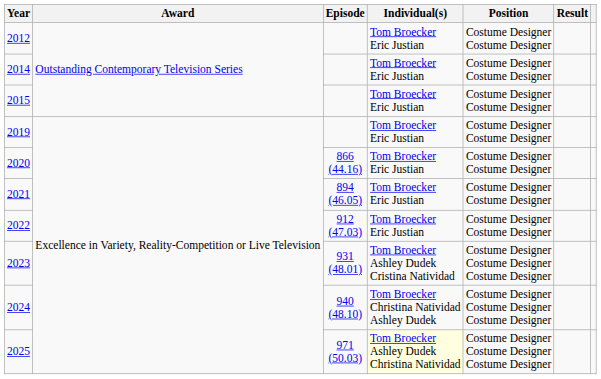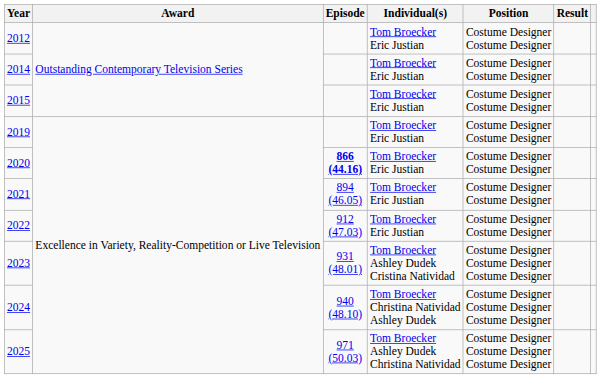 <table class="wikitable">
 <tr>
 <th>Year</th>
 <th>Award</th>
 <th>Episode</th>
 <th>Individual(s)</th>
 <th>Position</th>
 <th>Result</th>
 <th></th>
 </tr>
 <tr>
 <td><a href='#'>2012</a></td>
 <td rowspan="3"><a href='#'>Outstanding Contemporary Television Series</a></td>
 <td></td>
 <td><a href='#'>Tom Broecker</a> <br> Eric Justian</td>
 <td>Costume Designer <br> Costume Designer</td>
 <td></td>
 <td align="center"></td>
 </tr>
 <tr>
 <td><a href='#'>2014</a></td>
 <td></td>
 <td><a href='#'>Tom Broecker</a> <br> Eric Justian</td>
 <td>Costume Designer <br> Costume Designer</td>
 <td></td>
 <td align="center"></td>
 </tr>
 <tr>
 <td><a href='#'>2015</a></td>
 <td></td>
 <td><a href='#'>Tom Broecker</a> <br> Eric Justian</td>
 <td>Costume Designer <br> Costume Designer</td>
 <td></td>
 <td align="center"></td>
 </tr>
 <tr>
 <td><a href='#'>2019</a></td>
 <td rowspan="7">Excellence in Variety, Reality-Competition or Live Television</td>
 <td></td>
 <td><a href='#'>Tom Broecker</a> <br> Eric Justian</td>
 <td>Costume Designer <br> Costume Designer</td>
 <td></td>
 <td align="center"></td>
 </tr>
 <tr>
 <td><a href='#'>2020</a></td>
-<td align="center"><a href='#'>866 <br> (44.16)</a></td>
+<td align="center"><strong><a href='#'>866 <br> (44.16)</a></strong></td>
 <td><a href='#'>Tom Broecker</a> <br> Eric Justian</td>
 <td>Costume Designer <br> Costume Designer</td>
 <td></td>
 <td align="center"></td>
 </tr>
 <tr>
 <td><a href='#'>2021</a></td>
 <td align="center"><a href='#'>894 <br> (46.05)</a></td>
 <td><a href='#'>Tom Broecker</a> <br> Eric Justian</td>
 <td>Costume Designer <br> Costume Designer</td>
 <td></td>
 <td align="center"></td>
 </tr>
 <tr>
 <td><a href='#'>2022</a></td>
 <td align="center"><a href='#'>912 <br> (47.03)</a></td>
 <td><a href='#'>Tom Broecker</a> <br> Eric Justian</td>
 <td>Costume Designer <br> Costume Designer</td>
 <td></td>
 <td align="center"></td>
 </tr>
 <tr>
 <td><a href='#'>2023</a></td>
 <td align="center"><a href='#'>931 <br> (48.01)</a></td>
 <td><a href='#'>Tom Broecker</a> <br> Ashley Dudek <br> Cristina Natividad</td>
 <td>Costume Designer <br> Costume Designer <br> Costume Designer</td>
 <td></td>
 <td align="center"></td>
 </tr>
 <tr>
 <td><a href='#'>2024</a></td>
 <td align="center"><a href='#'>940 <br> (48.10)</a></td>
 <td><a href='#'>Tom Broecker</a> <br> Christina Natividad <br> Ashley Dudek</td>
 <td>Costume Designer <br> Costume Designer <br> Costume Designer</td>
 <td></td>
 <td align="center"></td>
 </tr>
 <tr>
 <td><a href='#'>2025</a></td>
 <td align="center"><a href='#'>971 <br> (50.03)</a></td>
-<td style="background: lightyellow;"><a href='#'>Tom Broecker</a> <br> Ashley Dudek <br> Christina Natividad</td>
+<td><a href='#'>Tom Broecker</a> <br> Ashley Dudek <br> Christina Natividad</td>
 <td>Costume Designer <br> Costume Designer <br> Costume Designer</td>
 <td></td>
 <td align="center"></td>
 </tr>
 </table>
